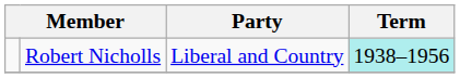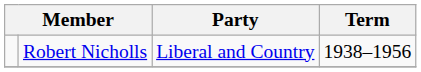 <table class="wikitable">
 <tr>
 <th colspan="2">Member</th>
 <th>Party</th>
 <th>Term</th>
 </tr>
 <tr>
 <td> </td>
 <td><a href='#'>Robert Nicholls</a></td>
 <td><a href='#'>Liberal and Country</a></td>
-<td style="background: paleturquoise;">1938–1956</td>
+<td>1938–1956</td>
 </tr>
 <tr>
 </tr>
 </table>
